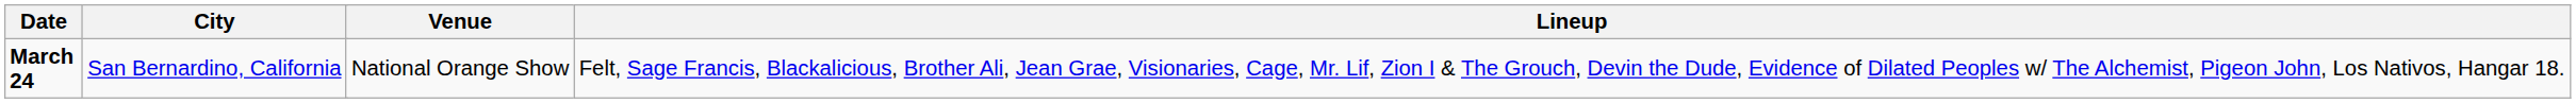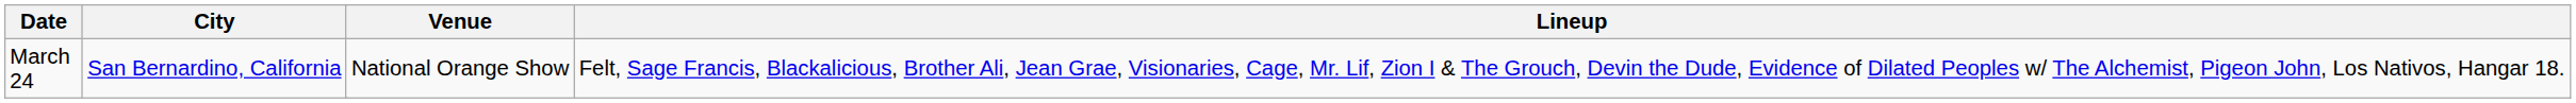 <table class="wikitable">
 <tr>
 <th width=50px>Date</th>
 <th colspan=12>City</th>
 <th colspan=12>Venue</th>
 <th colspan=12>Lineup</th>
 </tr>
 <tr>
-<td><strong>March 24</strong></td>
+<td>March 24</td>
 <td colspan=12><a href='#'>San Bernardino, California</a></td>
 <td colspan=12>National Orange Show</td>
 <td colspan=12>Felt, <a href='#'>Sage Francis</a>, <a href='#'>Blackalicious</a>, <a href='#'>Brother Ali</a>, <a href='#'>Jean Grae</a>, <a href='#'>Visionaries</a>, <a href='#'>Cage</a>, <a href='#'>Mr. Lif</a>, <a href='#'>Zion I</a> & <a href='#'>The Grouch</a>, <a href='#'>Devin the Dude</a>, <a href='#'>Evidence</a> of <a href='#'>Dilated Peoples</a> w/ <a href='#'>The Alchemist</a>, <a href='#'>Pigeon John</a>, Los Nativos, Hangar 18.</td>
 </tr>
 </table>
